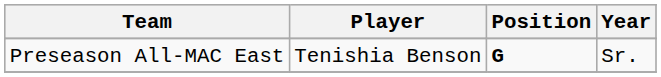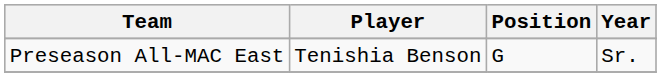 <table class="wikitable" border="1">
 <tr align=center>
 <th style= >Team</th>
 <th style= >Player</th>
 <th style= >Position</th>
 <th style= >Year</th>
 </tr>
 <tr align="center">
 </tr>
 <tr>
 <td>Preseason All-MAC East</td>
 <td>Tenishia Benson</td>
-<td><strong>G</strong></td>
+<td>G</td>
 <td>Sr.</td>
 </tr>
 <tr>
 </tr>
 </table>
